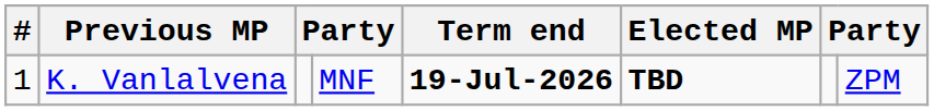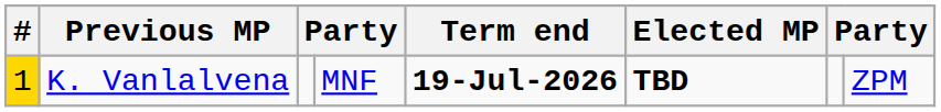 <table class="wikitable sortable">
 <tr>
 <th>#</th>
 <th>Previous MP</th>
 <th colspan="2">Party</th>
 <th>Term end</th>
 <th>Elected MP</th>
 <th colspan="2">Party</th>
 </tr>
 <tr>
-<td>1</td>
+<td style="background: gold;">1</td>
 <td><a href='#'>K. Vanlalvena</a></td>
 <td width="1px"></td>
 <td><a href='#'>MNF</a></td>
 <td><strong>19-Jul-2026</strong></td>
 <td><strong>TBD</strong></td>
 <td width="1px"></td>
 <td><a href='#'>ZPM</a></td>
 </tr>
 </table>
